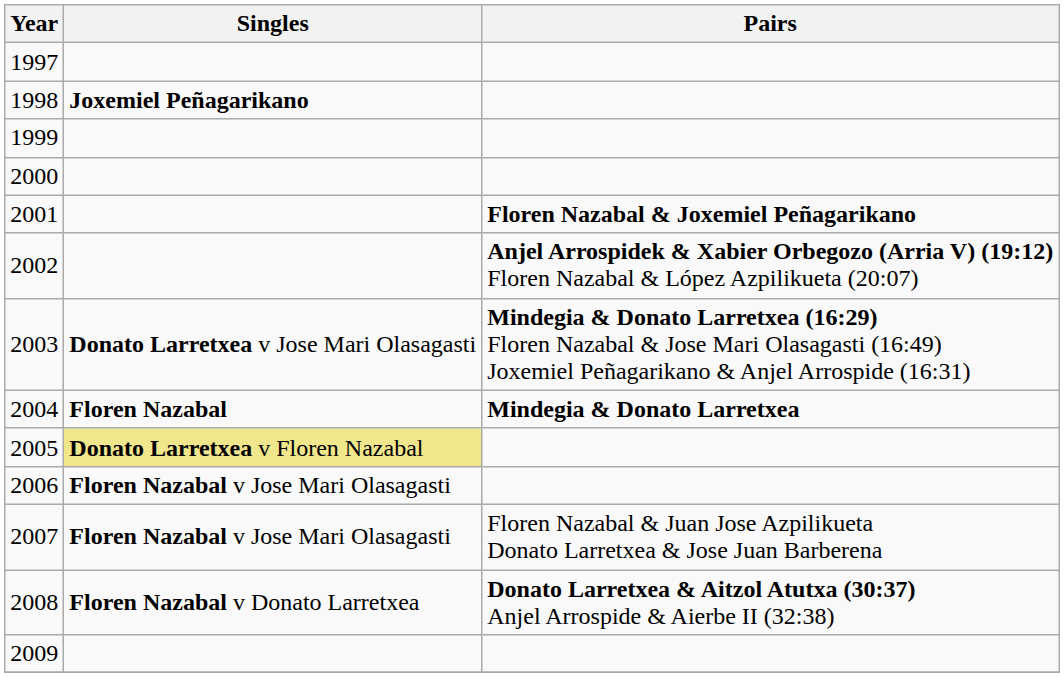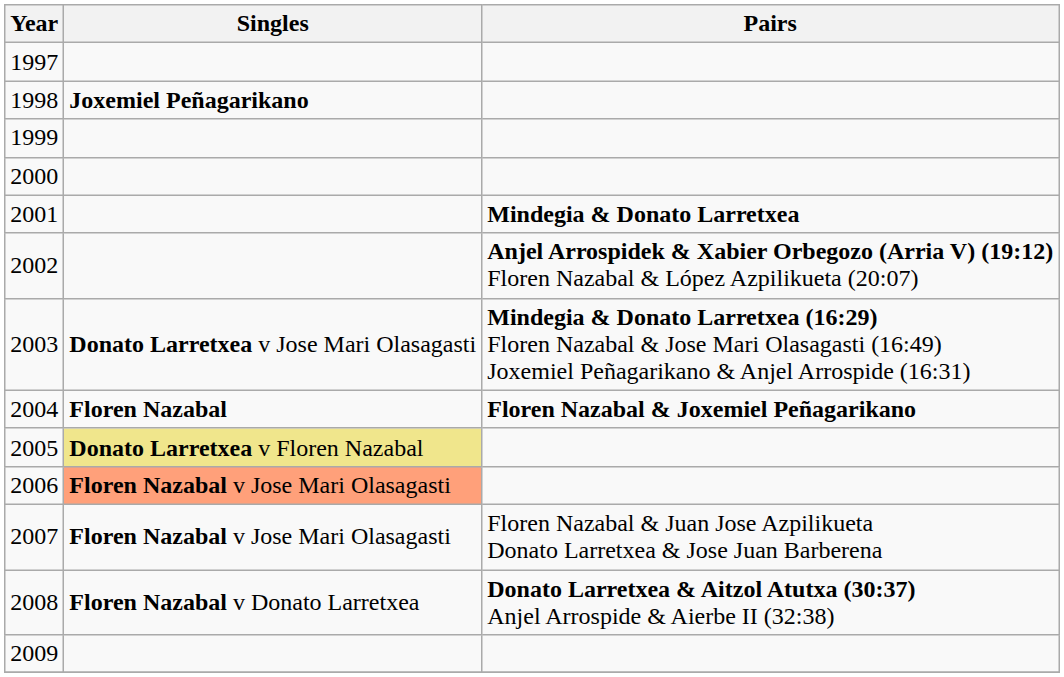 <table class="wikitable">
 <tr>
 <th>Year</th>
 <th>Singles</th>
 <th>Pairs</th>
 </tr>
 <tr>
 <td>1997</td>
 <td></td>
 <td></td>
 </tr>
 <tr>
 <td>1998</td>
 <td><strong>Joxemiel Peñagarikano</strong></td>
 <td></td>
 </tr>
 <tr>
 <td>1999</td>
 <td></td>
 <td></td>
 </tr>
 <tr>
 <td>2000</td>
 <td></td>
 <td></td>
 </tr>
 <tr>
 <td>2001</td>
 <td></td>
-<td><strong>Floren Nazabal & Joxemiel Peñagarikano</strong></td>
+<td><strong>Mindegia & Donato Larretxea</strong></td>
 </tr>
 <tr>
 <td>2002</td>
 <td></td>
 <td><strong>Anjel Arrospidek & Xabier Orbegozo (Arria V) (19:12)</strong><br> Floren Nazabal & López Azpilikueta (20:07)</td>
 </tr>
 <tr>
 <td>2003</td>
 <td><strong>Donato Larretxea</strong> v Jose Mari Olasagasti</td>
 <td><strong>Mindegia & Donato Larretxea (16:29)</strong><br>Floren Nazabal & Jose Mari Olasagasti (16:49)<br> Joxemiel Peñagarikano & Anjel Arrospide (16:31)</td>
 </tr>
 <tr>
 <td>2004</td>
 <td><strong>Floren Nazabal</strong></td>
-<td><strong>Mindegia & Donato Larretxea</strong></td>
+<td><strong>Floren Nazabal & Joxemiel Peñagarikano</strong></td>
 </tr>
 <tr>
 <td>2005</td>
 <td style="background: khaki;"><strong>Donato Larretxea</strong> v Floren Nazabal</td>
 <td></td>
 </tr>
 <tr>
 <td>2006</td>
-<td><strong>Floren Nazabal</strong> v Jose Mari Olasagasti</td>
+<td style="background: lightsalmon;"><strong>Floren Nazabal</strong> v Jose Mari Olasagasti</td>
 <td></td>
 </tr>
 <tr>
 <td>2007</td>
 <td><strong>Floren Nazabal</strong> v Jose Mari Olasagasti</td>
 <td>Floren Nazabal & Juan Jose Azpilikueta <br> Donato Larretxea & Jose Juan Barberena</td>
 </tr>
 <tr>
 <td>2008</td>
 <td><strong>Floren Nazabal</strong> v Donato Larretxea</td>
 <td><strong>Donato Larretxea & Aitzol Atutxa (30:37)</strong> <br> Anjel Arrospide & Aierbe II (32:38)</td>
 </tr>
 <tr>
 <td>2009</td>
 <td></td>
 <td></td>
 </tr>
 <tr>
 </tr>
 </table>
